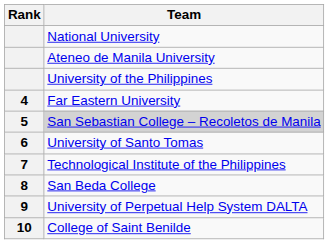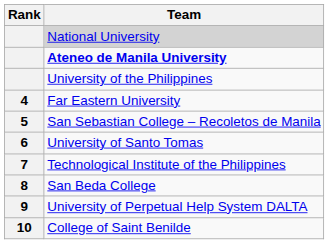 <table class="wikitable" style="text-align: center;">
 <tr>
 <th width=40>Rank</th>
 <th>Team</th>
 </tr>
 <tr>
 <th></th>
-<td style="text-align:left;"> <a href='#'>National University</a></td>
+<td style="background: lightgrey; text-align:left;"> <a href='#'>National University</a></td>
 </tr>
 <tr>
 <th></th>
-<td style="text-align:left;"> <a href='#'>Ateneo de Manila University</a></td>
+<td style="text-align:left;"><strong> <a href='#'>Ateneo de Manila University</a></strong></td>
 </tr>
 <tr>
 <th></th>
 <td style="text-align:left;"> <a href='#'>University of the Philippines</a></td>
 </tr>
 <tr>
 <th>4</th>
 <td style="text-align:left;"> <a href='#'>Far Eastern University</a></td>
 </tr>
 <tr>
 <th>5</th>
-<td style="background: lightgrey; text-align:left;"> <a href='#'>San Sebastian College – Recoletos de Manila</a></td>
+<td style="text-align:left;"> <a href='#'>San Sebastian College – Recoletos de Manila</a></td>
 </tr>
 <tr>
 <th>6</th>
 <td style="text-align:left;"> <a href='#'>University of Santo Tomas</a></td>
 </tr>
 <tr>
 <th>7</th>
 <td style="text-align:left;"> <a href='#'>Technological Institute of the Philippines</a></td>
 </tr>
 <tr>
 <th>8</th>
 <td style="text-align:left;"> <a href='#'>San Beda College</a></td>
 </tr>
 <tr>
 <th>9</th>
 <td style="text-align:left;"> <a href='#'>University of Perpetual Help System DALTA</a></td>
 </tr>
 <tr>
 <th>10</th>
 <td style="text-align:left;"> <a href='#'>College of Saint Benilde</a></td>
 </tr>
 </table>
